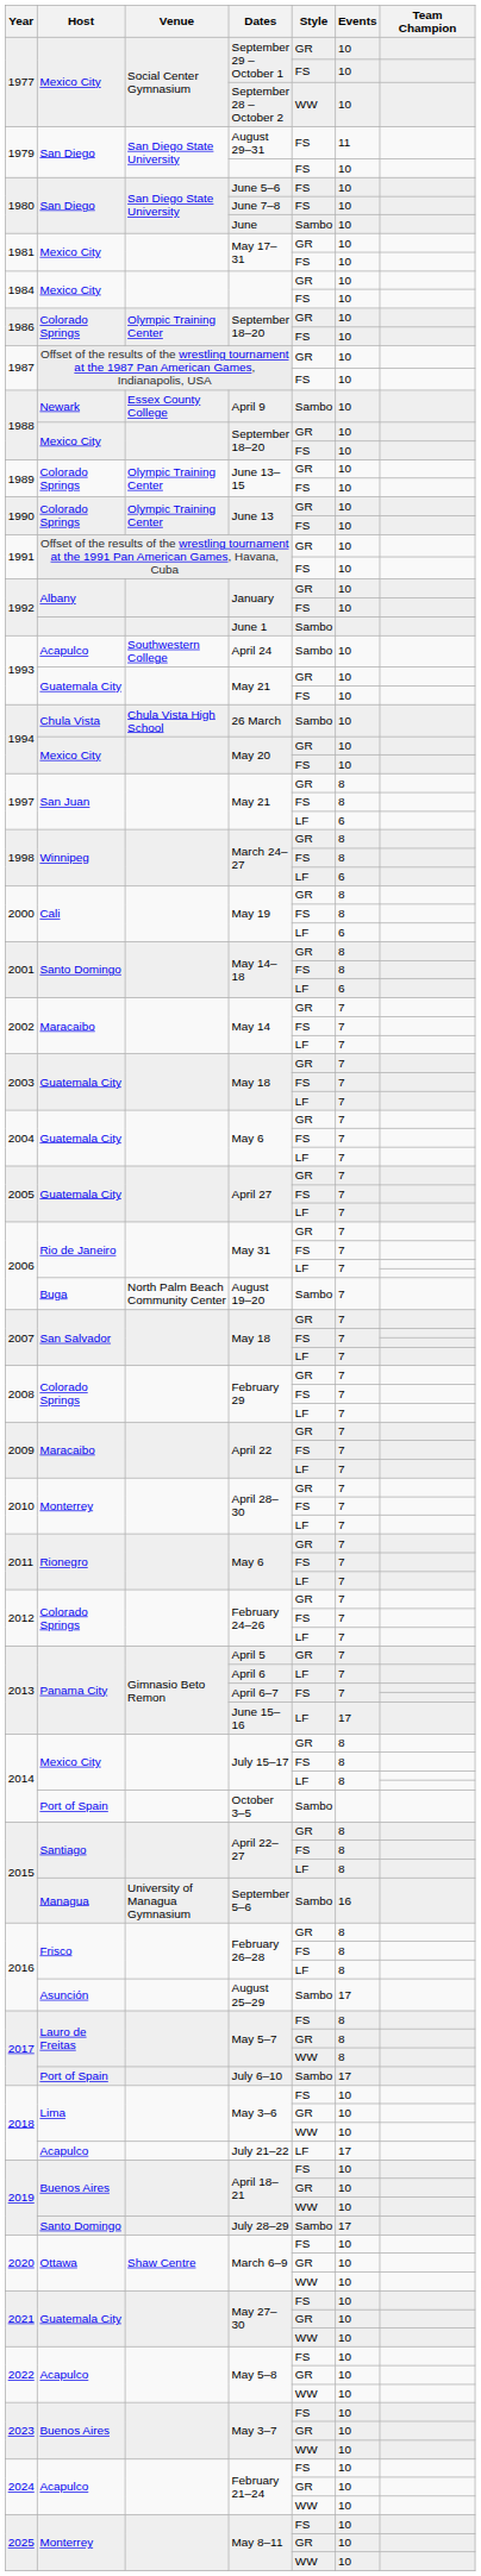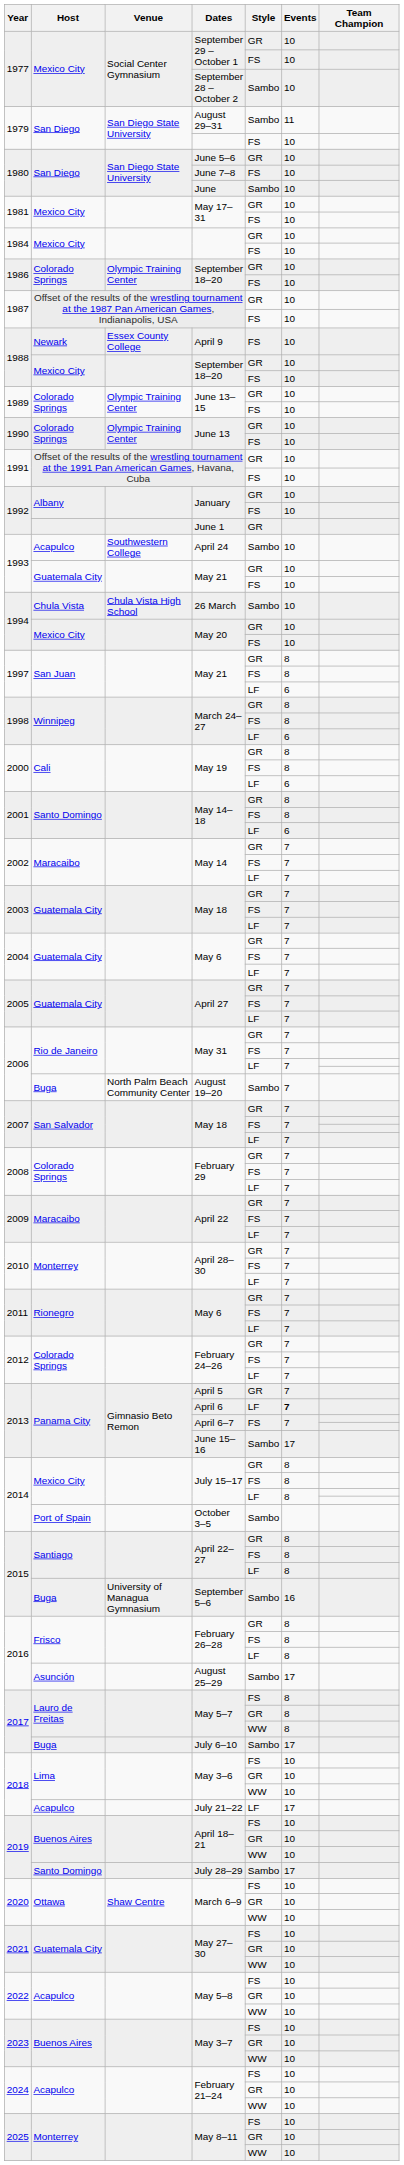 <table class="wikitable" style="text-align:left; font-size:90%">
 <tr>
 <th width=25px>Year</th>
 <th width=100px>Host</th>
 <th width=120px>Venue</th>
 <th width=70px>Dates</th>
 <th width=35px>Style</th>
 <th width=35px>Events</th>
 <th width=110px>Team Champion</th>
 </tr>
 <tr bgcolor="efefef">
 <td rowspan=3>1977</td>
 <td rowspan=3> <a href='#'>Mexico City</a></td>
 <td rowspan=3>Social Center Gymnasium</td>
 <td rowspan=2>September 29 – October 1</td>
 <td>GR</td>
 <td>10</td>
 <td></td>
 </tr>
 <tr bgcolor="efefef">
 <td>FS</td>
 <td>10</td>
 <td></td>
 </tr>
 <tr bgcolor="efefef">
 <td>September 28 – October 2</td>
-<td>WW</td>
+<td>Sambo</td>
 <td>10</td>
 <td></td>
 </tr>
 <tr>
 <td rowspan=2>1979</td>
 <td rowspan=2> <a href='#'>San Diego</a></td>
 <td rowspan=2><a href='#'>San Diego State University</a></td>
 <td>August 29–31</td>
-<td>FS</td>
+<td>Sambo</td>
 <td>11</td>
 <td></td>
 </tr>
 <tr>
 <td></td>
 <td>FS</td>
 <td>10</td>
 <td></td>
 </tr>
 <tr bgcolor="efefef">
 <td rowspan=3>1980</td>
 <td rowspan=3> <a href='#'>San Diego</a></td>
 <td rowspan=3><a href='#'>San Diego State University</a></td>
 <td>June 5–6</td>
-<td>FS</td>
+<td>GR</td>
 <td>10</td>
 <td></td>
 </tr>
 <tr bgcolor="efefef">
 <td>June 7–8</td>
 <td>FS</td>
 <td>10</td>
 <td></td>
 </tr>
 <tr bgcolor="efefef">
 <td>June</td>
 <td>Sambo</td>
 <td>10</td>
 <td></td>
 </tr>
 <tr>
 <td rowspan=2>1981</td>
 <td rowspan=2> <a href='#'>Mexico City</a></td>
 <td rowspan=2></td>
 <td rowspan=2>May 17–31</td>
 <td>GR</td>
 <td>10</td>
 <td></td>
 </tr>
 <tr>
 <td>FS</td>
 <td>10</td>
 <td></td>
 </tr>
 <tr>
 <td rowspan=2>1984</td>
 <td rowspan=2> <a href='#'>Mexico City</a></td>
 <td rowspan=2></td>
 <td rowspan=2></td>
 <td>GR</td>
 <td>10</td>
 <td></td>
 </tr>
 <tr>
 <td>FS</td>
 <td>10</td>
 <td></td>
 </tr>
 <tr bgcolor="efefef">
 <td rowspan=2>1986</td>
 <td rowspan=2> <a href='#'>Colorado Springs</a></td>
 <td rowspan=2><a href='#'>Olympic Training Center</a></td>
 <td rowspan=2>September 18–20</td>
 <td>GR</td>
 <td>10</td>
 <td></td>
 </tr>
 <tr bgcolor="efefef">
 <td>FS</td>
 <td>10</td>
 <td></td>
 </tr>
 <tr>
 <td rowspan=2>1987</td>
 <td rowspan=2 colspan=3 style="background: #ececec; color: #2C2C2C; vertical-align: middle; text-align: center;">Offset of the results of the <a href='#'>wrestling tournament at the 1987 Pan American Games</a>, Indianapolis, USA</td>
 <td>GR</td>
 <td>10</td>
 <td></td>
 </tr>
 <tr>
 <td>FS</td>
 <td>10</td>
 <td></td>
 </tr>
 <tr bgcolor="efefef">
 <td rowspan=3>1988</td>
 <td> <a href='#'>Newark</a></td>
 <td><a href='#'>Essex County College</a></td>
 <td>April 9</td>
-<td>Sambo</td>
+<td>FS</td>
 <td>10</td>
 <td></td>
 </tr>
 <tr bgcolor="efefef">
 <td rowspan=2> <a href='#'>Mexico City</a></td>
 <td rowspan=2></td>
 <td rowspan=2>September 18–20</td>
 <td>GR</td>
 <td>10</td>
 <td></td>
 </tr>
 <tr bgcolor="efefef">
 <td>FS</td>
 <td>10</td>
 <td></td>
 </tr>
 <tr>
 <td rowspan=2>1989</td>
 <td rowspan=2> <a href='#'>Colorado Springs</a></td>
 <td rowspan=2><a href='#'>Olympic Training Center</a></td>
 <td rowspan=2>June 13–15</td>
 <td>GR</td>
 <td>10</td>
 <td></td>
 </tr>
 <tr>
 <td>FS</td>
 <td>10</td>
 <td></td>
 </tr>
 <tr bgcolor="efefef">
 <td rowspan=2>1990</td>
 <td rowspan=2> <a href='#'>Colorado Springs</a></td>
 <td rowspan=2><a href='#'>Olympic Training Center</a></td>
 <td rowspan=2>June 13</td>
 <td>GR</td>
 <td>10</td>
 <td></td>
 </tr>
 <tr bgcolor="efefef">
 <td>FS</td>
 <td>10</td>
 <td></td>
 </tr>
 <tr>
 <td rowspan=2>1991</td>
 <td rowspan=2 colspan=3 style="background: #ececec; color: #2C2C2C; vertical-align: middle; text-align: center;">Offset of the results of the <a href='#'>wrestling tournament at the 1991 Pan American Games</a>, Havana, Cuba</td>
 <td>GR</td>
 <td>10</td>
 <td></td>
 </tr>
 <tr>
 <td>FS</td>
 <td>10</td>
 <td></td>
 </tr>
 <tr bgcolor="efefef">
 <td rowspan=3>1992</td>
 <td rowspan=2> <a href='#'>Albany</a></td>
 <td rowspan=2></td>
 <td rowspan=2>January</td>
 <td>GR</td>
 <td>10</td>
 <td></td>
 </tr>
 <tr bgcolor="efefef">
 <td>FS</td>
 <td>10</td>
 <td></td>
 </tr>
 <tr bgcolor="efefef">
 <td></td>
 <td></td>
 <td>June 1</td>
-<td>Sambo</td>
+<td>GR</td>
 <td></td>
 <td></td>
 </tr>
 <tr>
 <td rowspan=3>1993</td>
 <td> <a href='#'>Acapulco</a></td>
 <td><a href='#'>Southwestern College</a></td>
 <td>April 24</td>
 <td>Sambo</td>
 <td>10</td>
 <td></td>
 </tr>
 <tr>
 <td rowspan=2> <a href='#'>Guatemala City</a></td>
 <td rowspan=2></td>
 <td rowspan=2>May 21</td>
 <td>GR</td>
 <td>10</td>
 <td></td>
 </tr>
 <tr>
 <td>FS</td>
 <td>10</td>
 <td></td>
 </tr>
 <tr bgcolor="efefef">
 <td rowspan=3>1994</td>
 <td> <a href='#'>Chula Vista</a></td>
 <td><a href='#'>Chula Vista High School</a></td>
 <td>26 March</td>
 <td>Sambo</td>
 <td>10</td>
 <td></td>
 </tr>
 <tr bgcolor="efefef">
 <td rowspan=2> <a href='#'>Mexico City</a></td>
 <td rowspan=2></td>
 <td rowspan=2>May 20</td>
 <td>GR</td>
 <td>10</td>
 <td></td>
 </tr>
 <tr bgcolor="efefef">
 <td>FS</td>
 <td>10</td>
 <td></td>
 </tr>
 <tr>
 <td rowspan=3>1997</td>
 <td rowspan=3> <a href='#'>San Juan</a></td>
 <td rowspan=3></td>
 <td rowspan=3>May 21</td>
 <td>GR</td>
 <td>8</td>
 <td></td>
 </tr>
 <tr>
 <td>FS</td>
 <td>8</td>
 <td></td>
 </tr>
 <tr>
 <td>LF</td>
 <td>6</td>
 <td></td>
 </tr>
 <tr bgcolor="efefef">
 <td rowspan=3>1998</td>
 <td rowspan=3> <a href='#'>Winnipeg</a></td>
 <td rowspan=3></td>
 <td rowspan=3>March 24–27</td>
 <td>GR</td>
 <td>8</td>
 <td></td>
 </tr>
 <tr bgcolor="efefef">
 <td>FS</td>
 <td>8</td>
 <td></td>
 </tr>
 <tr bgcolor="efefef">
 <td>LF</td>
 <td>6</td>
 <td></td>
 </tr>
 <tr>
 <td rowspan=3>2000</td>
 <td rowspan=3> <a href='#'>Cali</a></td>
 <td rowspan=3></td>
 <td rowspan=3>May 19</td>
 <td>GR</td>
 <td>8</td>
 <td></td>
 </tr>
 <tr>
 <td>FS</td>
 <td>8</td>
 <td></td>
 </tr>
 <tr>
 <td>LF</td>
 <td>6</td>
 <td></td>
 </tr>
 <tr bgcolor="efefef">
 <td rowspan=3>2001</td>
 <td rowspan=3> <a href='#'>Santo Domingo</a></td>
 <td rowspan=3></td>
 <td rowspan=3>May 14–18</td>
 <td>GR</td>
 <td>8</td>
 <td></td>
 </tr>
 <tr bgcolor="efefef">
 <td>FS</td>
 <td>8</td>
 <td></td>
 </tr>
 <tr bgcolor="efefef">
 <td>LF</td>
 <td>6</td>
 <td></td>
 </tr>
 <tr>
 <td rowspan=3>2002</td>
 <td rowspan=3> <a href='#'>Maracaibo</a></td>
 <td rowspan=3></td>
 <td rowspan=3>May 14</td>
 <td>GR</td>
 <td>7</td>
 <td></td>
 </tr>
 <tr>
 <td>FS</td>
 <td>7</td>
 <td></td>
 </tr>
 <tr>
 <td>LF</td>
 <td>7</td>
 <td></td>
 </tr>
 <tr bgcolor="efefef">
 <td rowspan=3>2003</td>
 <td rowspan=3> <a href='#'>Guatemala City</a></td>
 <td rowspan=3></td>
 <td rowspan=3>May 18</td>
 <td>GR</td>
 <td>7</td>
 <td></td>
 </tr>
 <tr bgcolor="efefef">
 <td>FS</td>
 <td>7</td>
 <td></td>
 </tr>
 <tr bgcolor="efefef">
 <td>LF</td>
 <td>7</td>
 <td></td>
 </tr>
 <tr>
 <td rowspan=3>2004</td>
 <td rowspan=3> <a href='#'>Guatemala City</a></td>
 <td rowspan=3></td>
 <td rowspan=3>May 6</td>
 <td>GR</td>
 <td>7</td>
 <td></td>
 </tr>
 <tr>
 <td>FS</td>
 <td>7</td>
 <td></td>
 </tr>
 <tr>
 <td>LF</td>
 <td>7</td>
 <td></td>
 </tr>
 <tr bgcolor="efefef">
 <td rowspan=3>2005</td>
 <td rowspan=3> <a href='#'>Guatemala City</a></td>
 <td rowspan=3></td>
 <td rowspan=3>April 27</td>
 <td>GR</td>
 <td>7</td>
 <td></td>
 </tr>
 <tr bgcolor="efefef">
 <td>FS</td>
 <td>7</td>
 <td></td>
 </tr>
 <tr bgcolor="efefef">
 <td>LF</td>
 <td>7</td>
 <td></td>
 </tr>
 <tr>
 <td rowspan=5>2006</td>
 <td rowspan=4> <a href='#'>Rio de Janeiro</a></td>
 <td rowspan=4></td>
 <td rowspan=4>May 31</td>
 <td>GR</td>
 <td>7</td>
 <td></td>
 </tr>
 <tr>
 <td>FS</td>
 <td>7</td>
 <td></td>
 </tr>
 <tr>
 <td rowspan=2>LF</td>
 <td rowspan=2>7</td>
 <td></td>
 </tr>
 <tr>
 <td></td>
 </tr>
 <tr>
 <td> <a href='#'>Buga</a></td>
 <td>North Palm Beach Community Center</td>
 <td>August 19–20</td>
 <td>Sambo</td>
 <td>7</td>
 <td></td>
 </tr>
 <tr bgcolor="efefef">
 <td rowspan=4>2007</td>
 <td rowspan=4> <a href='#'>San Salvador</a></td>
 <td rowspan=4></td>
 <td rowspan=4>May 18</td>
 <td>GR</td>
 <td>7</td>
 <td></td>
 </tr>
 <tr bgcolor="efefef">
 <td rowspan=2>FS</td>
 <td rowspan=2>7</td>
 <td></td>
 </tr>
 <tr bgcolor="efefef">
 <td></td>
 </tr>
 <tr bgcolor="efefef">
 <td>LF</td>
 <td>7</td>
 <td></td>
 </tr>
 <tr>
 <td rowspan=3>2008</td>
 <td rowspan=3> <a href='#'>Colorado Springs</a></td>
 <td rowspan=3></td>
 <td rowspan=3>February 29</td>
 <td>GR</td>
 <td>7</td>
 <td></td>
 </tr>
 <tr>
 <td>FS</td>
 <td>7</td>
 <td></td>
 </tr>
 <tr>
 <td>LF</td>
 <td>7</td>
 <td></td>
 </tr>
 <tr bgcolor="efefef">
 <td rowspan=3>2009</td>
 <td rowspan=3> <a href='#'>Maracaibo</a></td>
 <td rowspan=3></td>
 <td rowspan=3>April 22</td>
 <td>GR</td>
 <td>7</td>
 <td></td>
 </tr>
 <tr bgcolor="efefef">
 <td>FS</td>
 <td>7</td>
 <td></td>
 </tr>
 <tr bgcolor="efefef">
 <td>LF</td>
 <td>7</td>
 <td></td>
 </tr>
 <tr>
 <td rowspan=3>2010</td>
 <td rowspan=3> <a href='#'>Monterrey</a></td>
 <td rowspan=3></td>
 <td rowspan=3>April 28–30</td>
 <td>GR</td>
 <td>7</td>
 <td></td>
 </tr>
 <tr>
 <td>FS</td>
 <td>7</td>
 <td></td>
 </tr>
 <tr>
 <td>LF</td>
 <td>7</td>
 <td></td>
 </tr>
 <tr bgcolor="efefef">
 <td rowspan=3>2011</td>
 <td rowspan=3> <a href='#'>Rionegro</a></td>
 <td rowspan=3></td>
 <td rowspan=3>May 6</td>
 <td>GR</td>
 <td>7</td>
 <td></td>
 </tr>
 <tr bgcolor="efefef">
 <td>FS</td>
 <td>7</td>
 <td></td>
 </tr>
 <tr bgcolor="efefef">
 <td>LF</td>
 <td>7</td>
 <td></td>
 </tr>
 <tr>
 <td rowspan=3>2012</td>
 <td rowspan=3> <a href='#'>Colorado Springs</a></td>
 <td rowspan=3></td>
 <td rowspan=3>February 24–26</td>
 <td>GR</td>
 <td>7</td>
 <td></td>
 </tr>
 <tr>
 <td>FS</td>
 <td>7</td>
 <td></td>
 </tr>
 <tr>
 <td>LF</td>
 <td>7</td>
 <td></td>
 </tr>
 <tr bgcolor="efefef">
 <td rowspan=5>2013</td>
 <td rowspan=5> <a href='#'>Panama City</a></td>
 <td rowspan=5>Gimnasio Beto Remon</td>
 <td>April 5</td>
 <td>GR</td>
 <td>7</td>
 <td></td>
 </tr>
 <tr bgcolor="efefef">
 <td>April 6</td>
 <td>LF</td>
-<td>7</td>
+<td><strong>7</strong></td>
 <td></td>
 </tr>
 <tr bgcolor="efefef">
 <td rowspan=2>April 6–7</td>
 <td rowspan=2>FS</td>
 <td rowspan=2>7</td>
 <td></td>
 </tr>
 <tr bgcolor="efefef">
 <td></td>
 </tr>
 <tr bgcolor="efefef">
 <td>June 15–16</td>
-<td>LF</td>
+<td>Sambo</td>
 <td>17</td>
 <td></td>
 </tr>
 <tr>
 <td rowspan=5>2014</td>
 <td rowspan=4> <a href='#'>Mexico City</a></td>
 <td rowspan=4></td>
 <td rowspan=4>July 15–17</td>
 <td>GR</td>
 <td>8</td>
 <td></td>
 </tr>
 <tr>
 <td>FS</td>
 <td>8</td>
 <td></td>
 </tr>
 <tr>
 <td rowspan=2>LF</td>
 <td rowspan=2>8</td>
 <td></td>
 </tr>
 <tr>
 <td></td>
 </tr>
 <tr>
 <td> <a href='#'>Port of Spain</a></td>
 <td></td>
 <td>October 3–5</td>
 <td>Sambo</td>
 <td></td>
 <td></td>
 </tr>
 <tr bgcolor="efefef">
 <td rowspan=4>2015</td>
 <td rowspan=3> <a href='#'>Santiago</a></td>
 <td rowspan=3></td>
 <td rowspan=3>April 22–27</td>
 <td>GR</td>
 <td>8</td>
 <td></td>
 </tr>
 <tr bgcolor="efefef">
 <td>FS</td>
 <td>8</td>
 <td></td>
 </tr>
 <tr bgcolor="efefef">
 <td>LF</td>
 <td>8</td>
 <td></td>
 </tr>
 <tr bgcolor="efefef">
-<td> <a href='#'>Managua</a></td>
+<td> <a href='#'>Buga</a></td>
 <td>University of Managua Gymnasium</td>
 <td>September 5–6</td>
 <td>Sambo</td>
 <td>16</td>
 <td></td>
 </tr>
 <tr>
 <td rowspan=4>2016</td>
 <td rowspan=3> <a href='#'>Frisco</a></td>
 <td rowspan=3></td>
 <td rowspan=3>February 26–28</td>
 <td>GR</td>
 <td>8</td>
 <td></td>
 </tr>
 <tr>
 <td>FS</td>
 <td>8</td>
 <td></td>
 </tr>
 <tr>
 <td>LF</td>
 <td>8</td>
 <td></td>
 </tr>
 <tr>
 <td> <a href='#'>Asunción</a></td>
 <td></td>
 <td>August 25–29</td>
 <td>Sambo</td>
 <td>17</td>
 <td></td>
 </tr>
 <tr bgcolor="efefef">
 <td rowspan=4><a href='#'>2017</a></td>
 <td rowspan=3> <a href='#'>Lauro de Freitas</a></td>
 <td rowspan=3></td>
 <td rowspan=3>May 5–7</td>
 <td>FS</td>
 <td>8</td>
 <td></td>
 </tr>
 <tr bgcolor="efefef">
 <td>GR</td>
 <td>8</td>
 <td></td>
 </tr>
 <tr bgcolor="efefef">
 <td>WW</td>
 <td>8</td>
 <td></td>
 </tr>
 <tr bgcolor="efefef">
-<td> <a href='#'>Port of Spain</a></td>
+<td> <a href='#'>Buga</a></td>
 <td></td>
 <td>July 6–10</td>
 <td>Sambo</td>
 <td>17</td>
 <td></td>
 </tr>
 <tr>
 <td rowspan=4><a href='#'>2018</a></td>
 <td rowspan=3> <a href='#'>Lima</a></td>
 <td rowspan=3></td>
 <td rowspan=3>May 3–6</td>
 <td>FS</td>
 <td>10</td>
 <td></td>
 </tr>
 <tr>
 <td>GR</td>
 <td>10</td>
 <td></td>
 </tr>
 <tr>
 <td>WW</td>
 <td>10</td>
 <td></td>
 </tr>
 <tr>
 <td> <a href='#'>Acapulco</a></td>
 <td></td>
 <td>July 21–22</td>
 <td>LF</td>
 <td>17</td>
 <td></td>
 </tr>
 <tr bgcolor="efefef">
 <td rowspan=4><a href='#'>2019</a></td>
 <td rowspan=3> <a href='#'>Buenos Aires</a></td>
 <td rowspan=3></td>
 <td rowspan=3>April 18–21</td>
 <td>FS</td>
 <td>10</td>
 <td></td>
 </tr>
 <tr bgcolor="efefef">
 <td>GR</td>
 <td>10</td>
 <td></td>
 </tr>
 <tr bgcolor="efefef">
 <td>WW</td>
 <td>10</td>
 <td></td>
 </tr>
 <tr bgcolor="efefef">
 <td> <a href='#'>Santo Domingo</a></td>
 <td></td>
 <td>July 28–29</td>
 <td>Sambo</td>
 <td>17</td>
 <td></td>
 </tr>
 <tr>
 <td rowspan=3><a href='#'>2020</a></td>
 <td rowspan=3> <a href='#'>Ottawa</a></td>
 <td rowspan=3><a href='#'>Shaw Centre</a></td>
 <td rowspan=3>March 6–9</td>
 <td>FS</td>
 <td>10</td>
 <td></td>
 </tr>
 <tr>
 <td>GR</td>
 <td>10</td>
 <td></td>
 </tr>
 <tr>
 <td>WW</td>
 <td>10</td>
 <td></td>
 </tr>
 <tr bgcolor="efefef">
 <td rowspan=3><a href='#'>2021</a></td>
 <td rowspan=3> <a href='#'>Guatemala City</a></td>
 <td rowspan=3></td>
 <td rowspan=3>May 27–30</td>
 <td>FS</td>
 <td>10</td>
 <td></td>
 </tr>
 <tr bgcolor="efefef">
 <td>GR</td>
 <td>10</td>
 <td></td>
 </tr>
 <tr bgcolor="efefef">
 <td>WW</td>
 <td>10</td>
 <td></td>
 </tr>
 <tr>
 <td rowspan=3><a href='#'>2022</a></td>
 <td rowspan=3> <a href='#'>Acapulco</a></td>
 <td rowspan=3></td>
 <td rowspan=3>May 5–8</td>
 <td>FS</td>
 <td>10</td>
 <td></td>
 </tr>
 <tr>
 <td>GR</td>
 <td>10</td>
 <td></td>
 </tr>
 <tr>
 <td>WW</td>
 <td>10</td>
 <td></td>
 </tr>
 <tr bgcolor="efefef">
 <td rowspan=3><a href='#'>2023</a></td>
 <td rowspan=3> <a href='#'>Buenos Aires</a></td>
 <td rowspan=3></td>
 <td rowspan=3>May 3–7</td>
 <td>FS</td>
 <td>10</td>
 <td></td>
 </tr>
 <tr bgcolor="efefef">
 <td>GR</td>
 <td>10</td>
 <td></td>
 </tr>
 <tr bgcolor="efefef">
 <td>WW</td>
 <td>10</td>
 <td></td>
 </tr>
 <tr>
 <td rowspan=3><a href='#'>2024</a></td>
 <td rowspan=3> <a href='#'>Acapulco</a></td>
 <td rowspan=3></td>
 <td rowspan=3>February 21–24</td>
 <td>FS</td>
 <td>10</td>
 <td></td>
 </tr>
 <tr>
 <td>GR</td>
 <td>10</td>
 <td></td>
 </tr>
 <tr>
 <td>WW</td>
 <td>10</td>
 <td></td>
 </tr>
 <tr bgcolor="efefef">
 <td rowspan=3><a href='#'>2025</a></td>
 <td rowspan=3> <a href='#'>Monterrey</a></td>
 <td rowspan=3></td>
 <td rowspan=3>May 8–11</td>
 <td>FS</td>
 <td>10</td>
 <td></td>
 </tr>
 <tr bgcolor="efefef">
 <td>GR</td>
 <td>10</td>
 <td></td>
 </tr>
 <tr bgcolor="efefef">
 <td>WW</td>
 <td>10</td>
 <td></td>
 </tr>
 </table>
